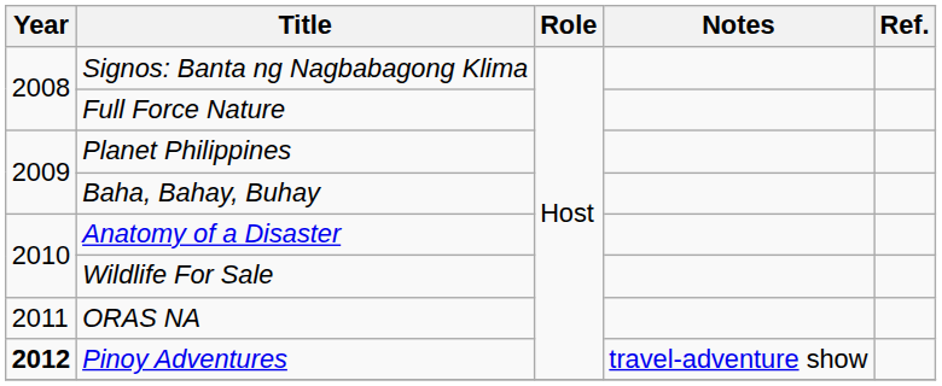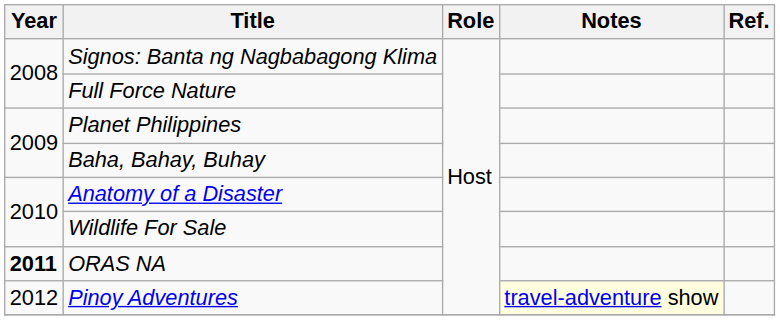 <table class="wikitable sortable">
 <tr>
 <th>Year</th>
 <th>Title</th>
 <th>Role</th>
 <th>Notes</th>
 <th>Ref.</th>
 </tr>
 <tr>
 <td rowspan="2">2008</td>
 <td><em>Signos: Banta ng Nagbabagong Klima</em></td>
 <td rowspan="8">Host</td>
 <td></td>
 <td></td>
 </tr>
 <tr>
 <td><em>Full Force Nature</em></td>
 <td></td>
 <td></td>
 </tr>
 <tr>
 <td rowspan="2">2009</td>
 <td><em>Planet Philippines</em></td>
 <td></td>
 <td></td>
 </tr>
 <tr>
 <td><em>Baha, Bahay, Buhay</em></td>
 <td></td>
 <td></td>
 </tr>
 <tr>
 <td rowspan="2">2010</td>
 <td><em><a href='#'>Anatomy of a Disaster</a></em></td>
 <td></td>
 <td></td>
 </tr>
 <tr>
 <td><em>Wildlife For Sale</em></td>
 <td></td>
 <td></td>
 </tr>
 <tr>
-<td>2011</td>
+<td><strong>2011</strong></td>
 <td><em>ORAS NA</em></td>
 <td></td>
 <td></td>
 </tr>
 <tr>
-<td><strong>2012</strong></td>
+<td>2012</td>
 <td><em><a href='#'>Pinoy Adventures</a></em></td>
-<td><a href='#'>travel-adventure</a> show</td>
+<td style="background: lightyellow;"><a href='#'>travel-adventure</a> show</td>
 <td></td>
 </tr>
 <tr>
 </tr>
 </table>
